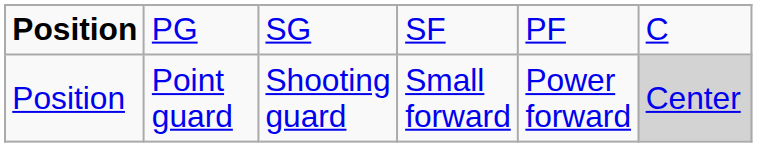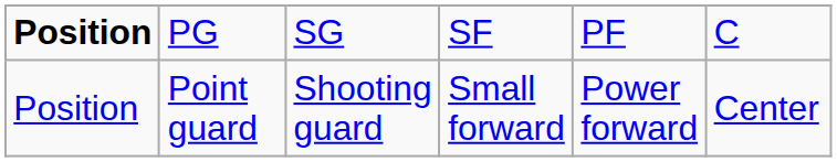 <table class="wikitable">
 <tr>
 <td width="50"><strong>Position</strong></td>
 <td width="50"><a href='#'>PG</a></td>
 <td width="50"><a href='#'>SG</a></td>
 <td width="50"><a href='#'>SF</a></td>
 <td width="50"><a href='#'>PF</a></td>
 <td width="50"><a href='#'>C</a></td>
 </tr>
 <tr>
 <td><a href='#'>Position</a></td>
 <td><a href='#'>Point guard</a></td>
 <td><a href='#'>Shooting guard</a></td>
 <td><a href='#'>Small forward</a></td>
 <td><a href='#'>Power forward</a></td>
-<td style="background: lightgrey;"><a href='#'>Center</a></td>
+<td><a href='#'>Center</a></td>
 </tr>
 </table>
